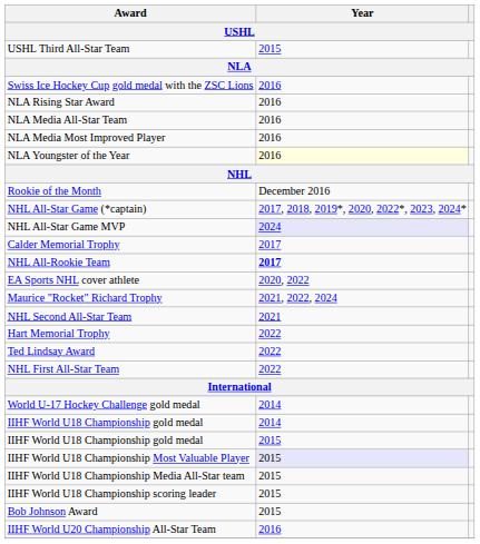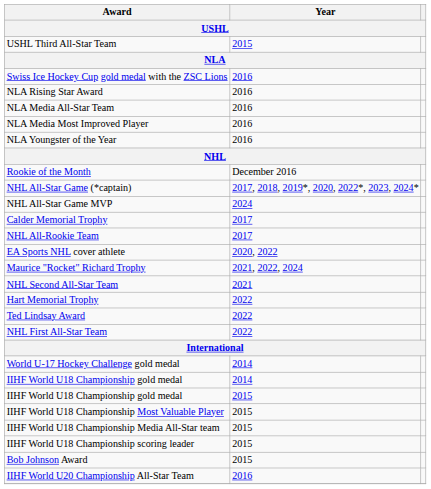 <table class="wikitable">
 <tr>
 <th>Award</th>
 <th>Year</th>
 <th></th>
 </tr>
 <tr ALIGN="center" bgcolor="#e0e0e0">
 <th colspan="3"><a href='#'>USHL</a></th>
 </tr>
 <tr>
 <td>USHL Third All-Star Team</td>
 <td><a href='#'>2015</a></td>
 <td></td>
 </tr>
 <tr ALIGN="center" bgcolor="#e0e0e0">
 <th colspan="3"><a href='#'>NLA</a></th>
 </tr>
 <tr>
 <td><a href='#'>Swiss Ice Hockey Cup</a> <a href='#'>gold medal</a> with the <a href='#'>ZSC Lions</a></td>
 <td><a href='#'>2016</a></td>
 <td></td>
 </tr>
 <tr>
 <td>NLA Rising Star Award</td>
 <td>2016</td>
 <td></td>
 </tr>
 <tr>
 <td>NLA Media All-Star Team</td>
 <td>2016</td>
 <td></td>
 </tr>
 <tr>
 <td>NLA Media Most Improved Player</td>
 <td>2016</td>
 <td></td>
 </tr>
 <tr>
 <td>NLA Youngster of the Year</td>
-<td style="background: lightyellow;">2016</td>
+<td>2016</td>
 <td></td>
 </tr>
 <tr ALIGN="center" bgcolor="#e0e0e0">
 <th colspan="4"><a href='#'>NHL</a></th>
 </tr>
 <tr>
 <td><a href='#'>Rookie of the Month</a></td>
 <td>December 2016</td>
 <td></td>
 </tr>
 <tr>
 <td><a href='#'>NHL All-Star Game</a> (*captain)</td>
 <td><a href='#'>2017</a>, <a href='#'>2018</a>, <a href='#'>2019</a>*, <a href='#'>2020</a>, <a href='#'>2022</a>*, <a href='#'>2023</a>, <a href='#'>2024</a>*</td>
 <td></td>
 </tr>
 <tr>
 <td>NHL All-Star Game MVP</td>
-<td style="background: lavender;"><a href='#'>2024</a></td>
+<td><a href='#'>2024</a></td>
 <td></td>
 </tr>
 <tr>
 <td><a href='#'>Calder Memorial Trophy</a></td>
 <td><a href='#'>2017</a></td>
 <td></td>
 </tr>
 <tr>
 <td><a href='#'>NHL All-Rookie Team</a></td>
-<td><strong><a href='#'>2017</a></strong></td>
+<td><a href='#'>2017</a></td>
 <td></td>
 </tr>
 <tr>
 <td><a href='#'>EA Sports NHL</a> cover athlete</td>
 <td><a href='#'>2020</a>, <a href='#'>2022</a></td>
 <td></td>
 </tr>
 <tr>
 <td><a href='#'>Maurice "Rocket" Richard Trophy</a></td>
 <td><a href='#'>2021</a>,  <a href='#'>2022</a>, <a href='#'>2024</a></td>
 <td></td>
 </tr>
 <tr>
 <td><a href='#'>NHL Second All-Star Team</a></td>
 <td><a href='#'>2021</a></td>
 <td></td>
 </tr>
 <tr>
 <td><a href='#'>Hart Memorial Trophy</a></td>
 <td><a href='#'>2022</a></td>
 <td></td>
 </tr>
 <tr>
 <td><a href='#'>Ted Lindsay Award</a></td>
 <td><a href='#'>2022</a></td>
 <td></td>
 </tr>
 <tr>
 <td><a href='#'>NHL First All-Star Team</a></td>
 <td><a href='#'>2022</a></td>
 <td></td>
 </tr>
 <tr ALIGN="center" bgcolor="#e0e0e0">
 <th colspan="3"><a href='#'>International</a></th>
 </tr>
 <tr>
 <td><a href='#'>World U-17 Hockey Challenge</a> gold medal</td>
 <td><a href='#'>2014</a></td>
 <td></td>
 </tr>
 <tr>
 <td><a href='#'>IIHF World U18 Championship</a> gold medal</td>
 <td><a href='#'>2014</a></td>
 <td></td>
 </tr>
 <tr>
 <td>IIHF World U18 Championship gold medal</td>
 <td><a href='#'>2015</a></td>
 <td></td>
 </tr>
 <tr>
 <td>IIHF World U18 Championship <a href='#'>Most Valuable Player</a></td>
-<td style="background: lavender;">2015</td>
+<td>2015</td>
 <td></td>
 </tr>
 <tr>
 <td>IIHF World U18 Championship Media All-Star team</td>
 <td>2015</td>
 <td></td>
 </tr>
 <tr>
 <td>IIHF World U18 Championship scoring leader</td>
 <td>2015</td>
 <td></td>
 </tr>
 <tr>
 <td><a href='#'>Bob Johnson</a> Award</td>
 <td>2015</td>
 <td></td>
 </tr>
 <tr>
 <td><a href='#'>IIHF World U20 Championship</a> All-Star Team</td>
 <td><a href='#'>2016</a></td>
 <td></td>
 </tr>
 <tr>
 </tr>
 </table>
